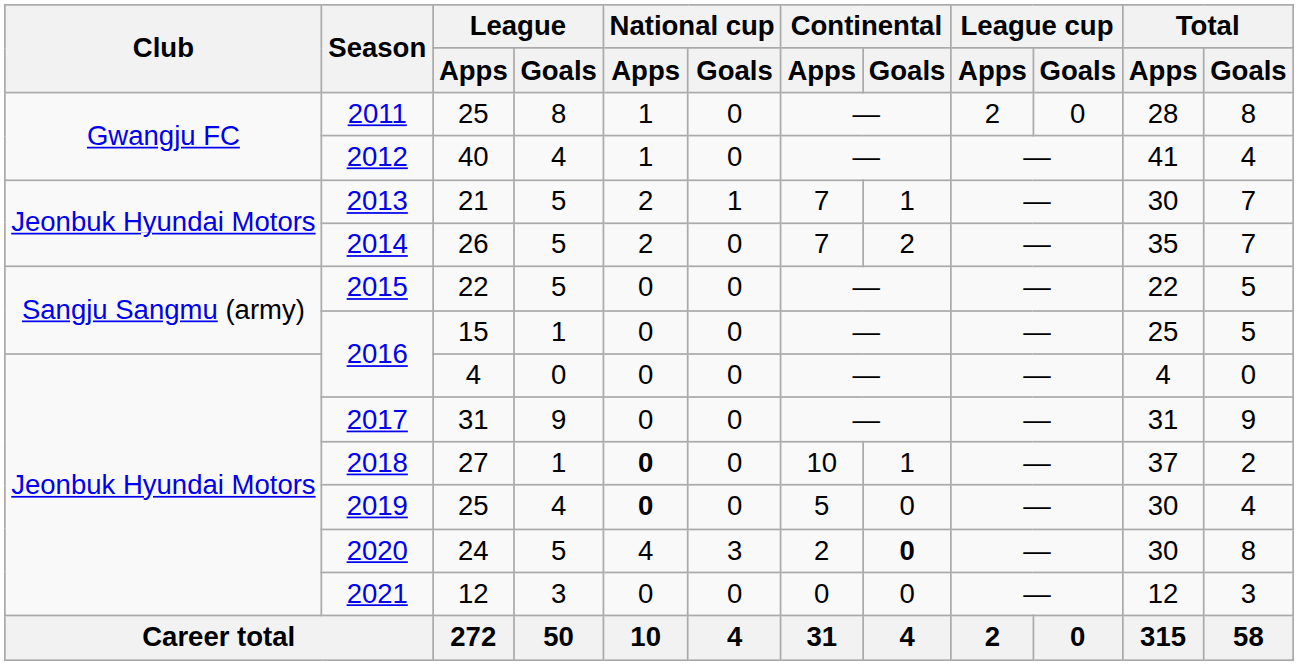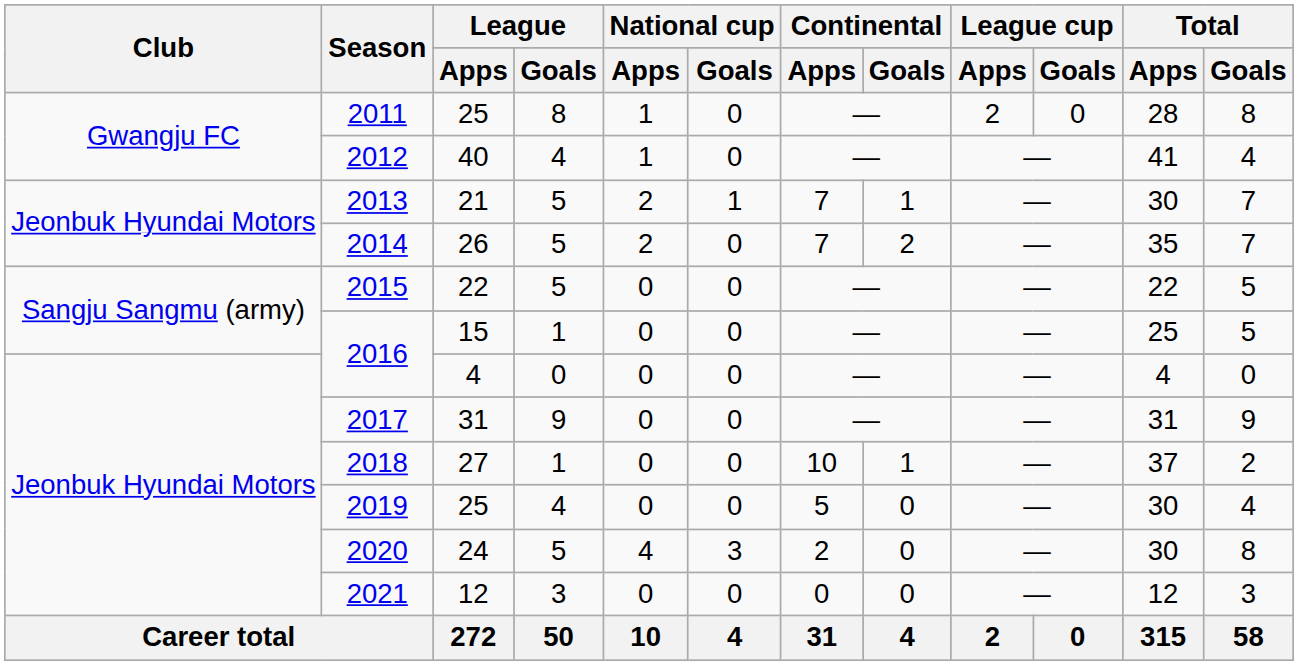 <table class="wikitable" style="text-align:center;">
 <tr>
 <th rowspan="2">Club</th>
 <th rowspan="2">Season</th>
 <th colspan="2">League</th>
 <th colspan="2">National cup</th>
 <th colspan="2">Continental</th>
 <th colspan="2">League cup</th>
 <th colspan="2">Total</th>
 </tr>
 <tr>
 <th>Apps</th>
 <th>Goals</th>
 <th>Apps</th>
 <th>Goals</th>
 <th>Apps</th>
 <th>Goals</th>
 <th>Apps</th>
 <th>Goals</th>
 <th>Apps</th>
 <th>Goals</th>
 </tr>
 <tr>
 <td rowspan="2"><a href='#'>Gwangju FC</a></td>
 <td><a href='#'>2011</a></td>
 <td>25</td>
 <td>8</td>
 <td>1</td>
 <td>0</td>
 <td colspan="2">—</td>
 <td>2</td>
 <td>0</td>
 <td>28</td>
 <td>8</td>
 </tr>
 <tr>
 <td><a href='#'>2012</a></td>
 <td>40</td>
 <td>4</td>
 <td>1</td>
 <td>0</td>
 <td colspan="2">—</td>
 <td colspan="2">—</td>
 <td>41</td>
 <td>4</td>
 </tr>
 <tr>
 <td rowspan="2"><a href='#'>Jeonbuk Hyundai Motors</a></td>
 <td><a href='#'>2013</a></td>
 <td>21</td>
 <td>5</td>
 <td>2</td>
 <td>1</td>
 <td>7</td>
 <td>1</td>
 <td colspan="2">—</td>
 <td>30</td>
 <td>7</td>
 </tr>
 <tr>
 <td><a href='#'>2014</a></td>
 <td>26</td>
 <td>5</td>
 <td>2</td>
 <td>0</td>
 <td>7</td>
 <td>2</td>
 <td colspan="2">—</td>
 <td>35</td>
 <td>7</td>
 </tr>
 <tr>
 <td rowspan="2"><a href='#'>Sangju Sangmu</a> (army)</td>
 <td><a href='#'>2015</a></td>
 <td>22</td>
 <td>5</td>
 <td>0</td>
 <td>0</td>
 <td colspan="2">—</td>
 <td colspan="2">—</td>
 <td>22</td>
 <td>5</td>
 </tr>
 <tr>
 <td rowspan="2"><a href='#'>2016</a></td>
 <td>15</td>
 <td>1</td>
 <td>0</td>
 <td>0</td>
 <td colspan="2">—</td>
 <td colspan="2">—</td>
 <td>25</td>
 <td>5</td>
 </tr>
 <tr>
 <td rowspan="6"><a href='#'>Jeonbuk Hyundai Motors</a></td>
 <td>4</td>
 <td>0</td>
 <td>0</td>
 <td>0</td>
 <td colspan="2">—</td>
 <td colspan="2">—</td>
 <td>4</td>
 <td>0</td>
 </tr>
 <tr>
 <td><a href='#'>2017</a></td>
 <td>31</td>
 <td>9</td>
 <td>0</td>
 <td>0</td>
 <td colspan="2">—</td>
 <td colspan="2">—</td>
 <td>31</td>
 <td>9</td>
 </tr>
 <tr>
 <td><a href='#'>2018</a></td>
 <td>27</td>
 <td>1</td>
-<td><strong>0</strong></td>
+<td>0</td>
 <td>0</td>
 <td>10</td>
 <td>1</td>
 <td colspan="2">—</td>
 <td>37</td>
 <td>2</td>
 </tr>
 <tr>
 <td><a href='#'>2019</a></td>
 <td>25</td>
 <td>4</td>
-<td><strong>0</strong></td>
+<td>0</td>
 <td>0</td>
 <td>5</td>
 <td>0</td>
 <td colspan="2">—</td>
 <td>30</td>
 <td>4</td>
 </tr>
 <tr>
 <td><a href='#'>2020</a></td>
 <td>24</td>
 <td>5</td>
 <td>4</td>
 <td>3</td>
 <td>2</td>
-<td><strong>0</strong></td>
+<td>0</td>
 <td colspan="2">—</td>
 <td>30</td>
 <td>8</td>
 </tr>
 <tr>
 <td><a href='#'>2021</a></td>
 <td>12</td>
 <td>3</td>
 <td>0</td>
 <td>0</td>
 <td>0</td>
 <td>0</td>
 <td colspan="2">—</td>
 <td>12</td>
 <td>3</td>
 </tr>
 <tr>
 <th colspan="2">Career total</th>
 <th>272</th>
 <th>50</th>
 <th>10</th>
 <th>4</th>
 <th>31</th>
 <th>4</th>
 <th>2</th>
 <th>0</th>
 <th>315</th>
 <th>58</th>
 </tr>
 </table>
